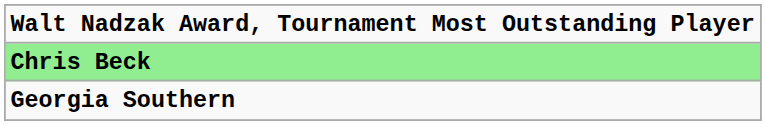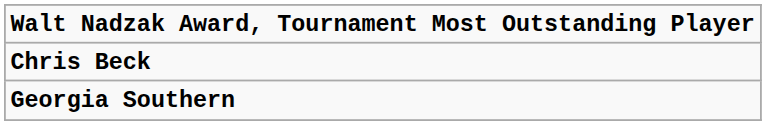 <table class="wikitable">
 <tr>
 <td><div><strong>Walt Nadzak Award, Tournament Most Outstanding Player</strong></div></td>
 </tr>
 <tr>
-<td style="background: lightgreen;"><div><strong>Chris Beck</strong></div></td>
+<td><div><strong>Chris Beck</strong></div></td>
 </tr>
 <tr>
 <td><div><strong>Georgia Southern</strong></div></td>
 </tr>
 </table>
